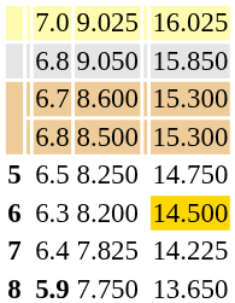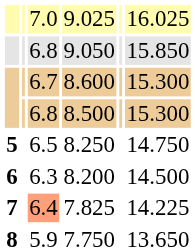 <table>
 <tr style="background:#fffcaf;">
 <td></td>
 <td align=left></td>
 <td>7.0</td>
 <td>9.025</td>
 <td></td>
 <td>16.025</td>
 </tr>
 <tr style="background:#e5e5e5;">
 <td></td>
 <td align=left></td>
 <td>6.8</td>
 <td>9.050</td>
 <td></td>
 <td>15.850</td>
 </tr>
 <tr style="background:#ec9;">
 <td rowspan="2"></td>
 <td align=left></td>
 <td>6.7</td>
 <td>8.600</td>
 <td></td>
 <td>15.300</td>
 </tr>
 <tr style="background:#ec9;">
 <td align=left></td>
 <td>6.8</td>
 <td>8.500</td>
 <td></td>
 <td>15.300</td>
 </tr>
 <tr>
 <th><strong>5</strong></th>
 <td align=left></td>
 <td>6.5</td>
 <td>8.250</td>
 <td></td>
 <td>14.750</td>
 </tr>
 <tr>
 <th><strong>6</strong></th>
 <td align=left></td>
 <td>6.3</td>
 <td>8.200</td>
 <td></td>
-<td style="background: gold;">14.500</td>
+<td>14.500</td>
 </tr>
 <tr>
 <th><strong>7</strong></th>
 <td align=left></td>
-<td>6.4</td>
+<td style="background: lightsalmon;">6.4</td>
 <td>7.825</td>
 <td></td>
 <td>14.225</td>
 </tr>
 <tr>
 <th><strong>8</strong></th>
 <td align=left></td>
-<td><strong>5.9</strong></td>
+<td>5.9</td>
 <td>7.750</td>
 <td></td>
 <td>13.650</td>
 </tr>
 </table>
